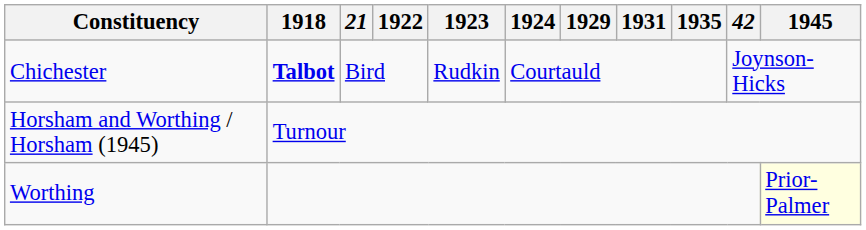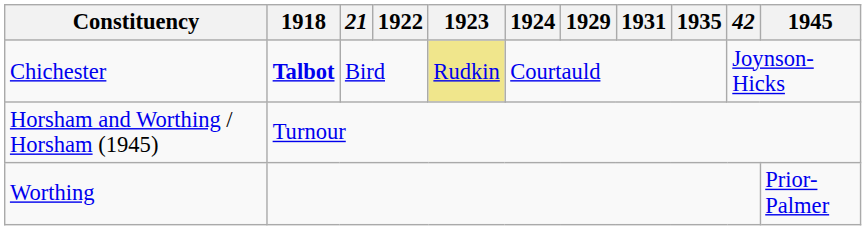 <table class="wikitable">
 <tr>
 <th>Constituency</th>
 <th>1918</th>
 <th><em>21</em></th>
 <th>1922</th>
 <th>1923</th>
 <th>1924</th>
 <th>1929</th>
 <th>1931</th>
 <th>1935</th>
 <th><em>42</em></th>
 <th>1945</th>
 </tr>
 <tr>
 <td><a href='#'>Chichester</a></td>
 <td><strong><a href='#'>Talbot</a></strong></td>
 <td colspan="2"><a href='#'>Bird</a></td>
-<td><a href='#'>Rudkin</a></td>
+<td style="background: khaki;"><a href='#'>Rudkin</a></td>
 <td colspan="4"><a href='#'>Courtauld</a></td>
 <td colspan="2"><a href='#'>Joynson-Hicks</a></td>
 </tr>
 <tr>
 <td><a href='#'>Horsham and Worthing</a> / <a href='#'>Horsham</a> (1945)</td>
 <td colspan="10"><a href='#'>Turnour</a></td>
 </tr>
 <tr>
 <td><a href='#'>Worthing</a></td>
 <td colspan="9"></td>
-<td style="background: lightyellow;"><a href='#'>Prior-Palmer</a></td>
+<td><a href='#'>Prior-Palmer</a></td>
 </tr>
 </table>
